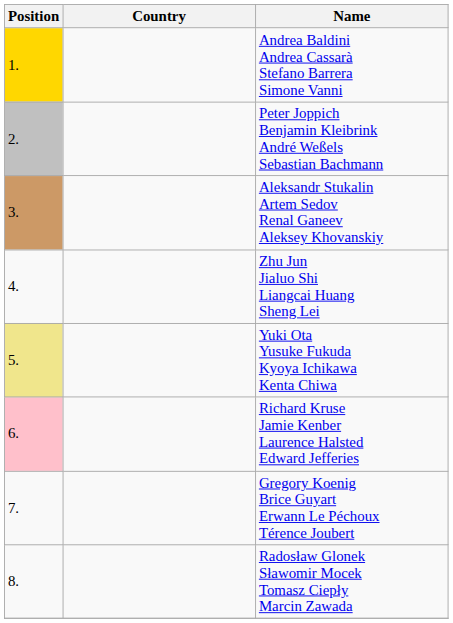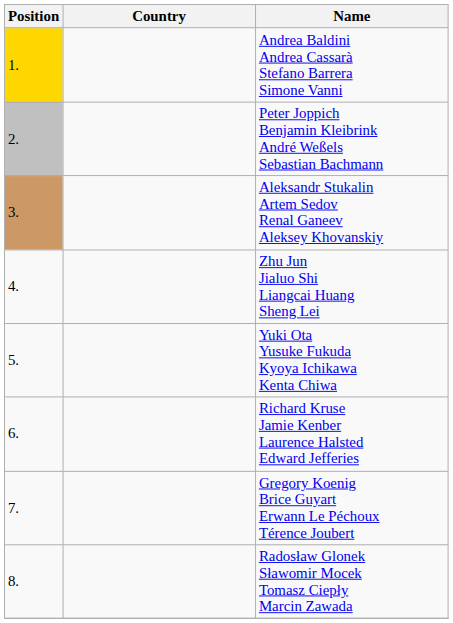 <table class="wikitable">
 <tr>
 <th width="10">Position</th>
 <th width="200">Country</th>
 <th width="200">Name</th>
 </tr>
 <tr>
 <td bgcolor="gold">1.</td>
 <td></td>
 <td><a href='#'>Andrea Baldini</a><br><a href='#'>Andrea Cassarà</a><br><a href='#'>Stefano Barrera</a><br><a href='#'>Simone Vanni</a></td>
 </tr>
 <tr>
 <td bgcolor="silver">2.</td>
 <td></td>
 <td><a href='#'>Peter Joppich</a><br><a href='#'>Benjamin Kleibrink</a><br><a href='#'>André Weßels</a><br><a href='#'>Sebastian Bachmann</a></td>
 </tr>
 <tr>
 <td bgcolor="#CC9966">3.</td>
 <td></td>
 <td><a href='#'>Aleksandr Stukalin</a><br><a href='#'>Artem Sedov</a> <br><a href='#'>Renal Ganeev</a><br><a href='#'>Aleksey Khovanskiy</a></td>
 </tr>
 <tr>
 <td>4.</td>
 <td></td>
 <td><a href='#'>Zhu Jun</a><br><a href='#'>Jialuo Shi</a><br><a href='#'>Liangcai Huang</a><br><a href='#'>Sheng Lei</a></td>
 </tr>
 <tr>
-<td style="background: khaki;">5.</td>
+<td>5.</td>
 <td></td>
 <td><a href='#'>Yuki Ota</a><br> <a href='#'>Yusuke Fukuda</a><br><a href='#'>Kyoya Ichikawa</a><br><a href='#'>Kenta Chiwa</a></td>
 </tr>
 <tr>
-<td style="background: pink;">6.</td>
+<td>6.</td>
 <td></td>
 <td><a href='#'>Richard Kruse</a><br> <a href='#'>Jamie Kenber</a><br><a href='#'>Laurence Halsted</a><br><a href='#'>Edward Jefferies</a></td>
 </tr>
 <tr>
 <td>7.</td>
 <td></td>
 <td><a href='#'>Gregory Koenig</a><br><a href='#'>Brice Guyart</a> <br><a href='#'>Erwann Le Péchoux</a><br><a href='#'>Térence Joubert</a></td>
 </tr>
 <tr>
 <td>8.</td>
 <td></td>
 <td><a href='#'>Radosław Glonek</a><br><a href='#'>Sławomir Mocek</a> <br><a href='#'>Tomasz Ciepły</a><br><a href='#'>Marcin Zawada</a></td>
 </tr>
 <tr>
 </tr>
 </table>
